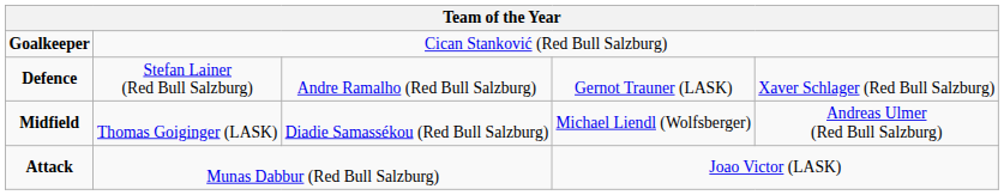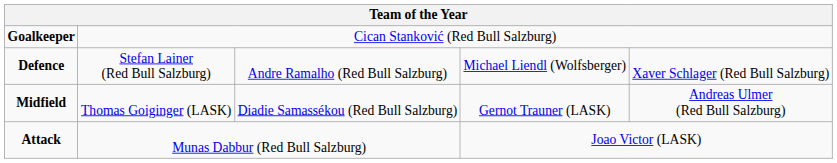 <table class="wikitable" style="text-align:center">
 <tr>
 <th colspan="13">Team of the Year</th>
 </tr>
 <tr>
 <td><strong>Goalkeeper</strong></td>
 <td colspan="4"> <a href='#'>Cican Stanković</a> (Red Bull Salzburg)</td>
 </tr>
 <tr>
 <td><strong>Defence</strong></td>
 <td> <a href='#'>Stefan Lainer</a><br>(Red Bull Salzburg)</td>
 <td><br><a href='#'>Andre Ramalho</a> (Red Bull Salzburg)</td>
-<td><br><a href='#'>Gernot Trauner</a> (LASK)</td>
+<td> <a href='#'>Michael Liendl</a> (Wolfsberger)</td>
 <td><br><a href='#'>Xaver Schlager</a> (Red Bull Salzburg)</td>
 </tr>
 <tr>
 <td><strong>Midfield</strong></td>
 <td><br><a href='#'>Thomas Goiginger</a> (LASK)</td>
 <td><br><a href='#'>Diadie Samassékou</a> (Red Bull Salzburg)</td>
-<td> <a href='#'>Michael Liendl</a> (Wolfsberger)</td>
+<td><br><a href='#'>Gernot Trauner</a> (LASK)</td>
 <td> <a href='#'>Andreas Ulmer</a><br>(Red Bull Salzburg)</td>
 </tr>
 <tr>
 <td><strong>Attack</strong></td>
 <td colspan="2.5"><br> <a href='#'>Munas Dabbur</a> (Red Bull Salzburg)</td>
 <td colspan="2.5"> <a href='#'>Joao Victor</a> (LASK)</td>
 </tr>
 </table>
